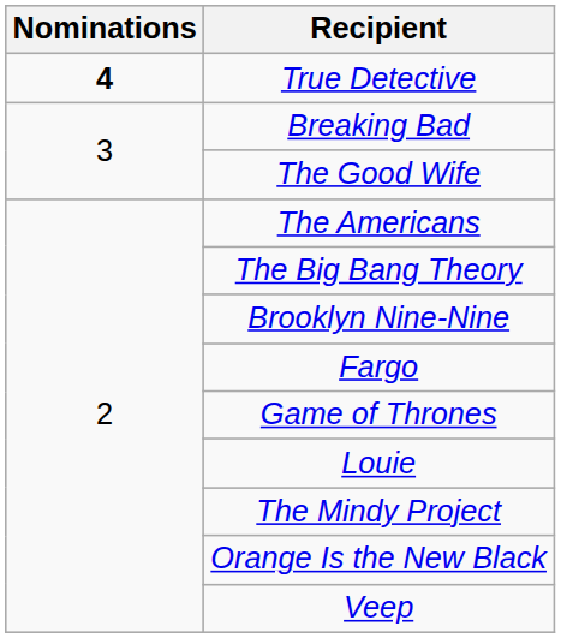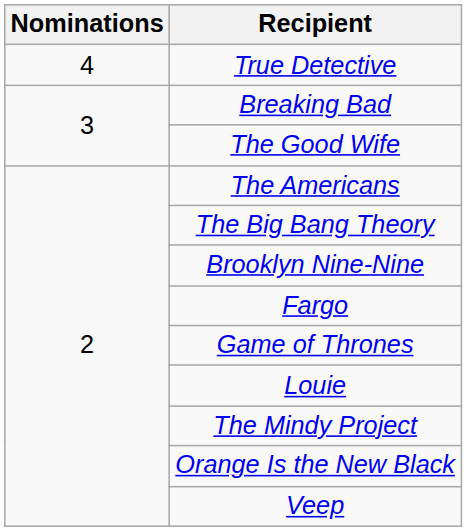 <table class="wikitable sortable" rowspan="2" style="text-align:center;" background: #f6e39c;>
 <tr>
 <th scope="col" style="width:55px;">Nominations</th>
 <th scope="col" style="text-align:center;">Recipient</th>
 </tr>
 <tr>
-<td rowspan=1 style="text-align:center"><strong>4</strong></td>
+<td rowspan=1 style="text-align:center">4</td>
 <td><em><a href='#'>True Detective</a></em></td>
 </tr>
 <tr>
 <td rowspan="2" style="text-align:center;">3</td>
 <td><em><a href='#'>Breaking Bad</a></em></td>
 </tr>
 <tr>
 <td><em><a href='#'>The Good Wife</a></em></td>
 </tr>
 <tr>
 <td rowspan="9" style="text-align:center">2</td>
 <td><em><a href='#'>The Americans</a></em></td>
 </tr>
 <tr>
 <td><em><a href='#'>The Big Bang Theory</a></em></td>
 </tr>
 <tr>
 <td><em><a href='#'>Brooklyn Nine-Nine</a></em></td>
 </tr>
 <tr>
 <td><em><a href='#'>Fargo</a></em></td>
 </tr>
 <tr>
 <td><em><a href='#'>Game of Thrones</a></em></td>
 </tr>
 <tr>
 <td><em><a href='#'>Louie</a></em></td>
 </tr>
 <tr>
 <td><em><a href='#'>The Mindy Project</a></em></td>
 </tr>
 <tr>
 <td><em><a href='#'>Orange Is the New Black</a></em></td>
 </tr>
 <tr>
 <td><em><a href='#'>Veep</a></em></td>
 </tr>
 </table>
